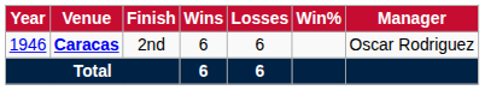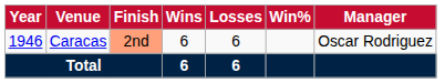 <table class="wikitable sortable plainrowheaders" style="text-align:center; font-size:95%">
 <tr>
 <th scope="col" style="background: #C60C30; color: white;">Year</th>
 <th scope="col" style="background: #C60C30; color: white;">Venue</th>
 <th scope="col" style="background: #C60C30; color: white;">Finish</th>
 <th scope="col" style="background: #C60C30; color: white;">Wins</th>
 <th scope="col" style="background: #C60C30; color: white;">Losses</th>
 <th scope="col" style="background: #C60C30; color: white;">Win%</th>
 <th scope="col" style="background: #C60C30; color: white;">Manager</th>
 </tr>
 <tr>
 <td><a href='#'>1946</a></td>
-<td align=left><strong> <a href='#'>Caracas</a></strong></td>
-<td>2nd</td>
+<td align=left> <a href='#'>Caracas</a></td>
+<td style="background: lightsalmon;">2nd</td>
 <td>6</td>
 <td>6</td>
 <td></td>
 <td align=left> Oscar Rodriguez</td>
 </tr>
 <tr style="text-align:center; background-color:#002244; color:#FFFFFF;">
 <td colspan="3"><strong>Total</strong></td>
 <td><strong>6</strong></td>
 <td><strong>6</strong></td>
 <td><strong></strong></td>
 <td></td>
 </tr>
 </table>
